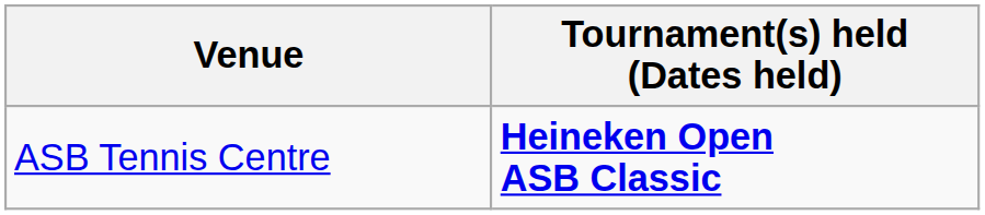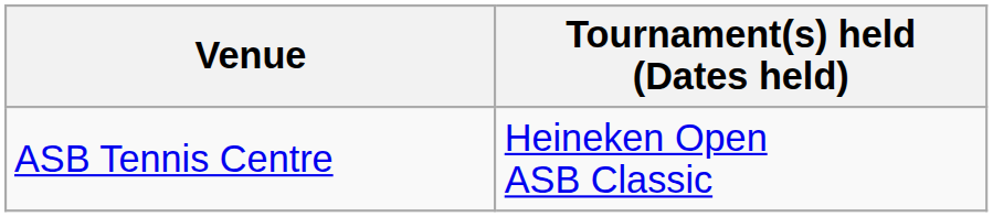 <table class=wikitable>
 <tr>
 <th width=200>Venue</th>
 <th width=200>Tournament(s) held<br>(Dates held)</th>
 </tr>
 <tr>
 <td><a href='#'>ASB Tennis Centre</a></td>
-<td><strong><a href='#'>Heineken Open</a><br><a href='#'>ASB Classic</a></strong></td>
+<td><a href='#'>Heineken Open</a><br><a href='#'>ASB Classic</a></td>
 </tr>
 </table>
